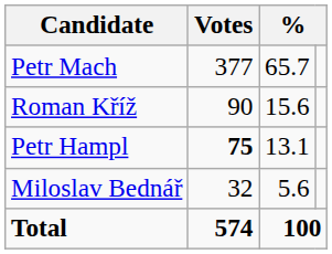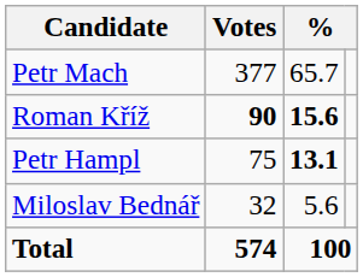 <table class=wikitable style=text-align:right>
 <tr>
 <th>Candidate</th>
 <th>Votes</th>
 <th colspan=2>%</th>
 </tr>
 <tr>
 <td align=left><a href='#'>Petr Mach</a></td>
 <td>377</td>
 <td>65.7</td>
 <td></td>
 </tr>
 <tr>
 <td align=left><a href='#'>Roman Kříž</a></td>
-<td>90</td>
-<td>15.6</td>
+<td><strong>90</strong></td>
+<td><strong>15.6</strong></td>
 <td></td>
 </tr>
 <tr>
 <td align=left><a href='#'>Petr Hampl</a></td>
-<td><strong>75</strong></td>
-<td>13.1</td>
+<td>75</td>
+<td><strong>13.1</strong></td>
 <td></td>
 </tr>
 <tr>
 <td align=left><a href='#'>Miloslav Bednář</a></td>
 <td>32</td>
 <td>5.6</td>
 <td></td>
 </tr>
 <tr>
 <td align=left><strong>Total</strong></td>
 <td><strong>574</strong></td>
 <td colspan=2><strong>100</strong></td>
 </tr>
 </table>
